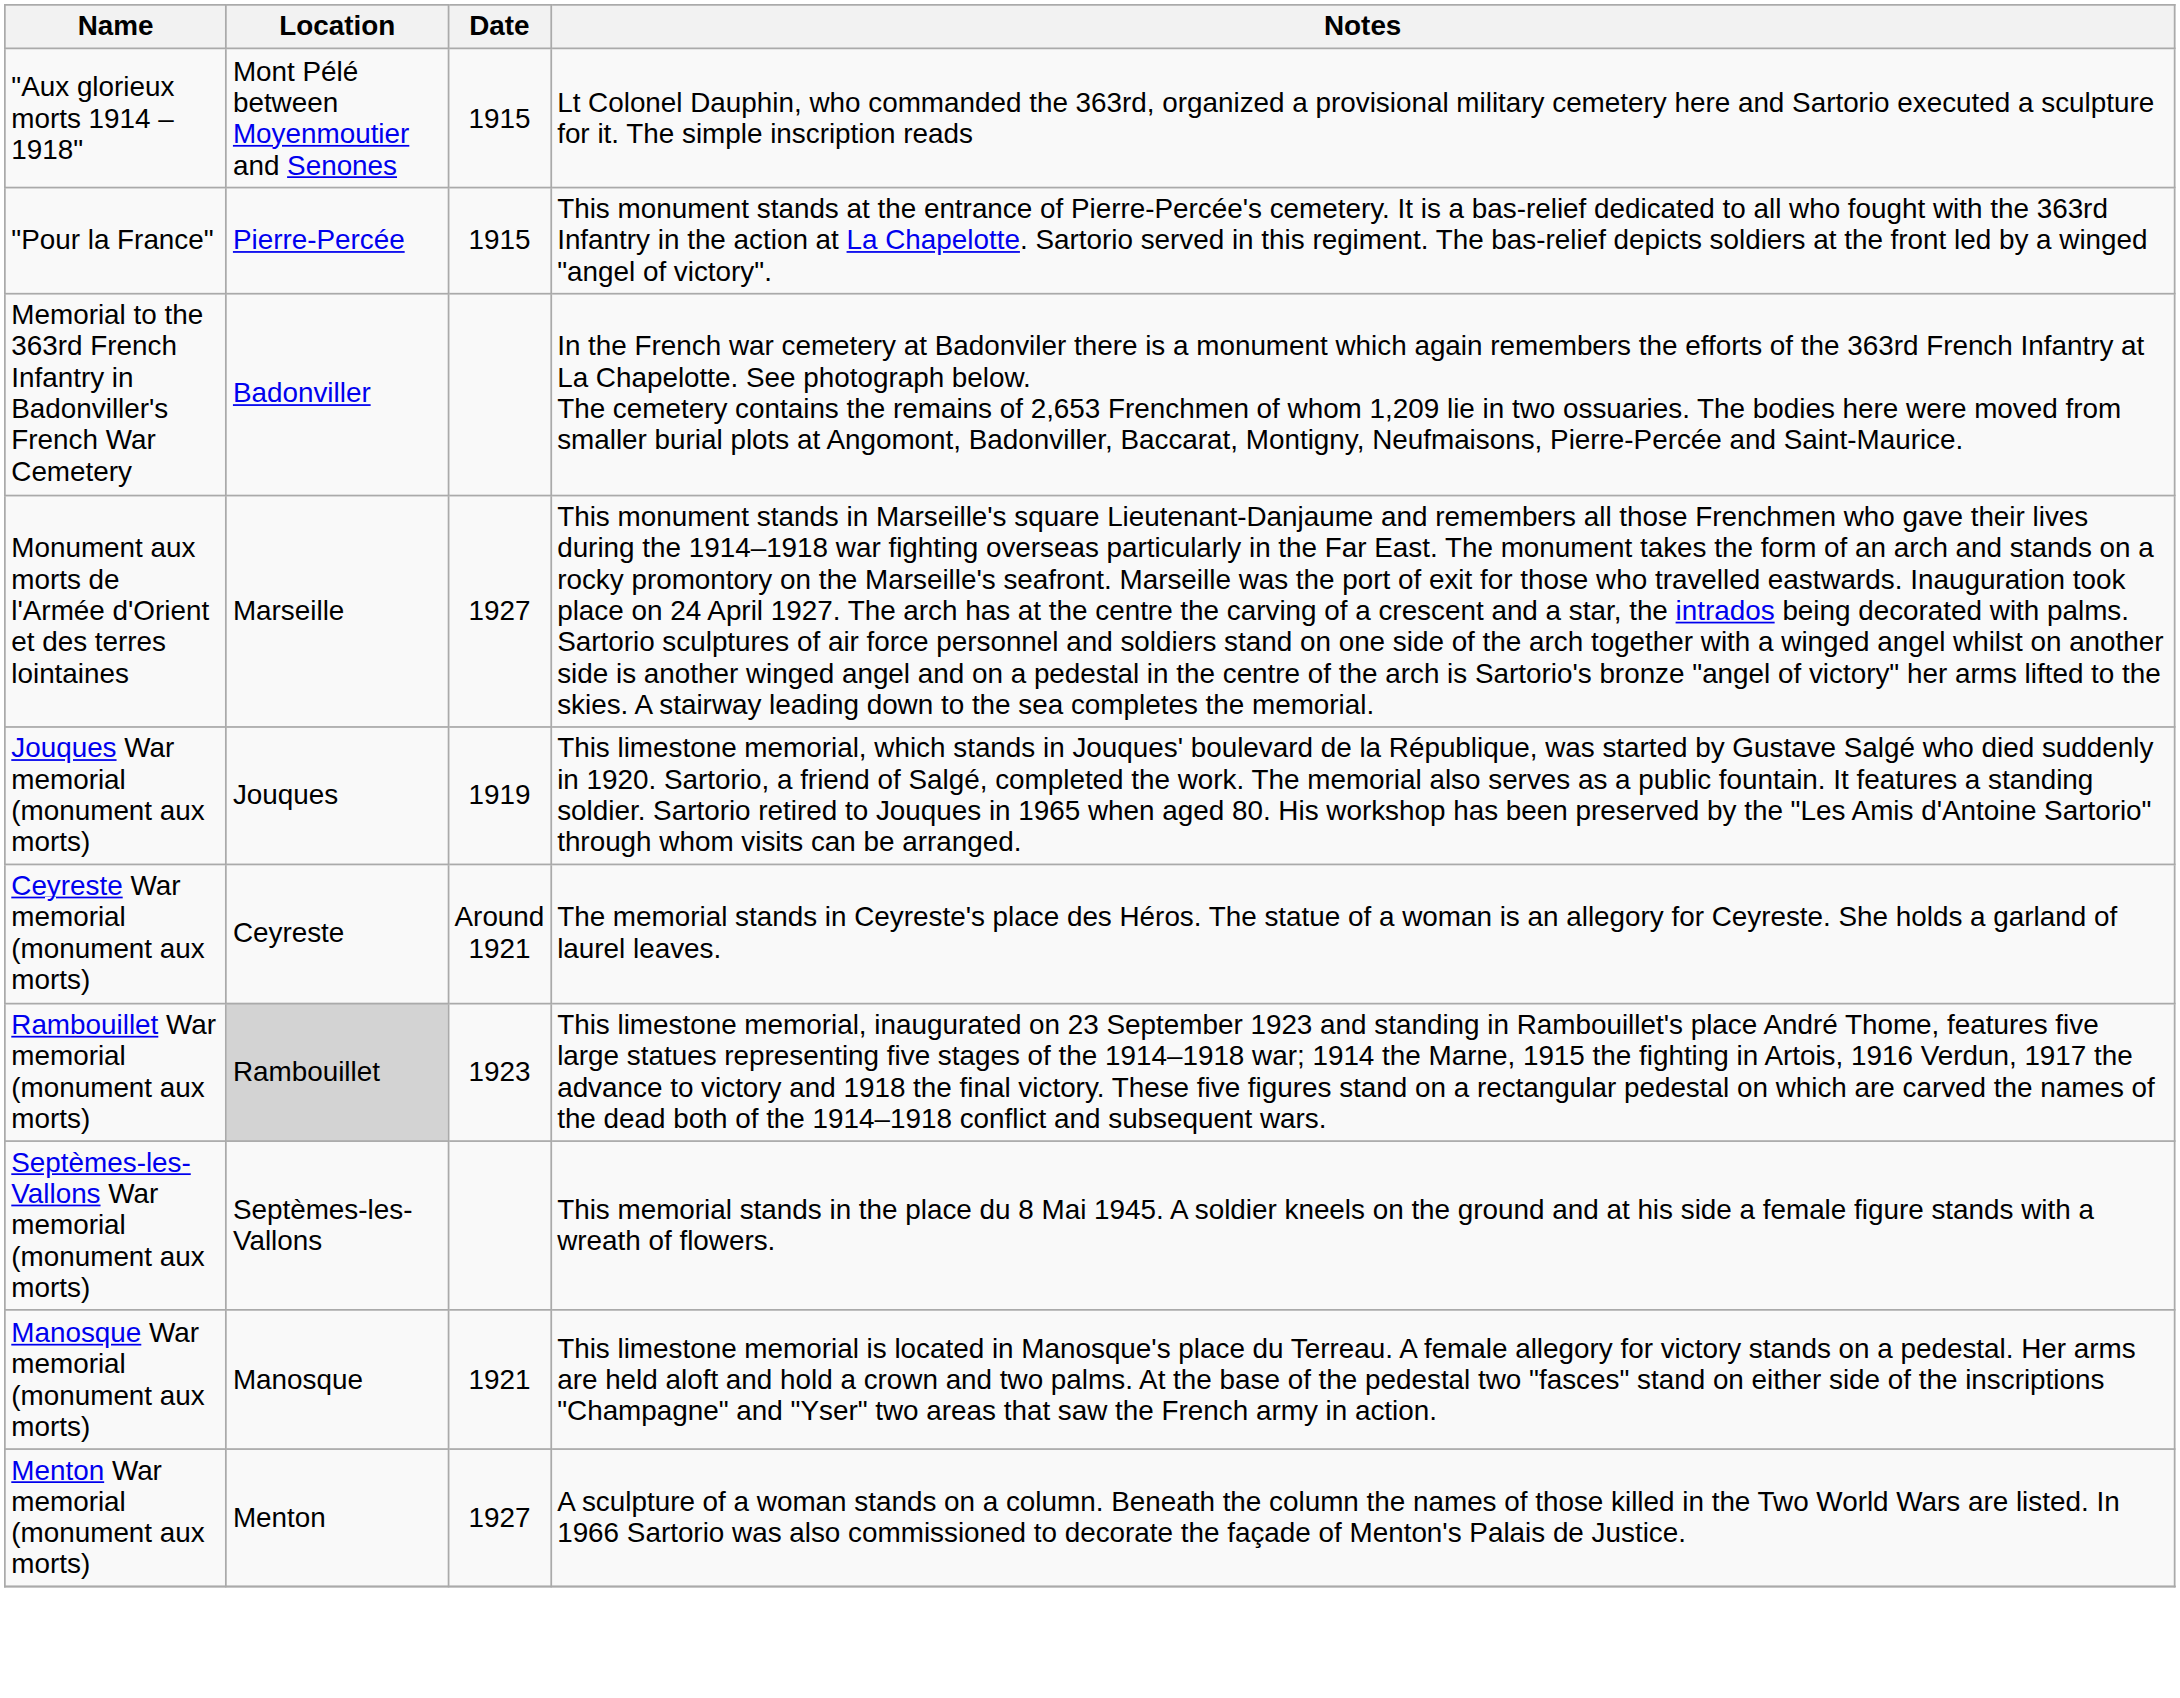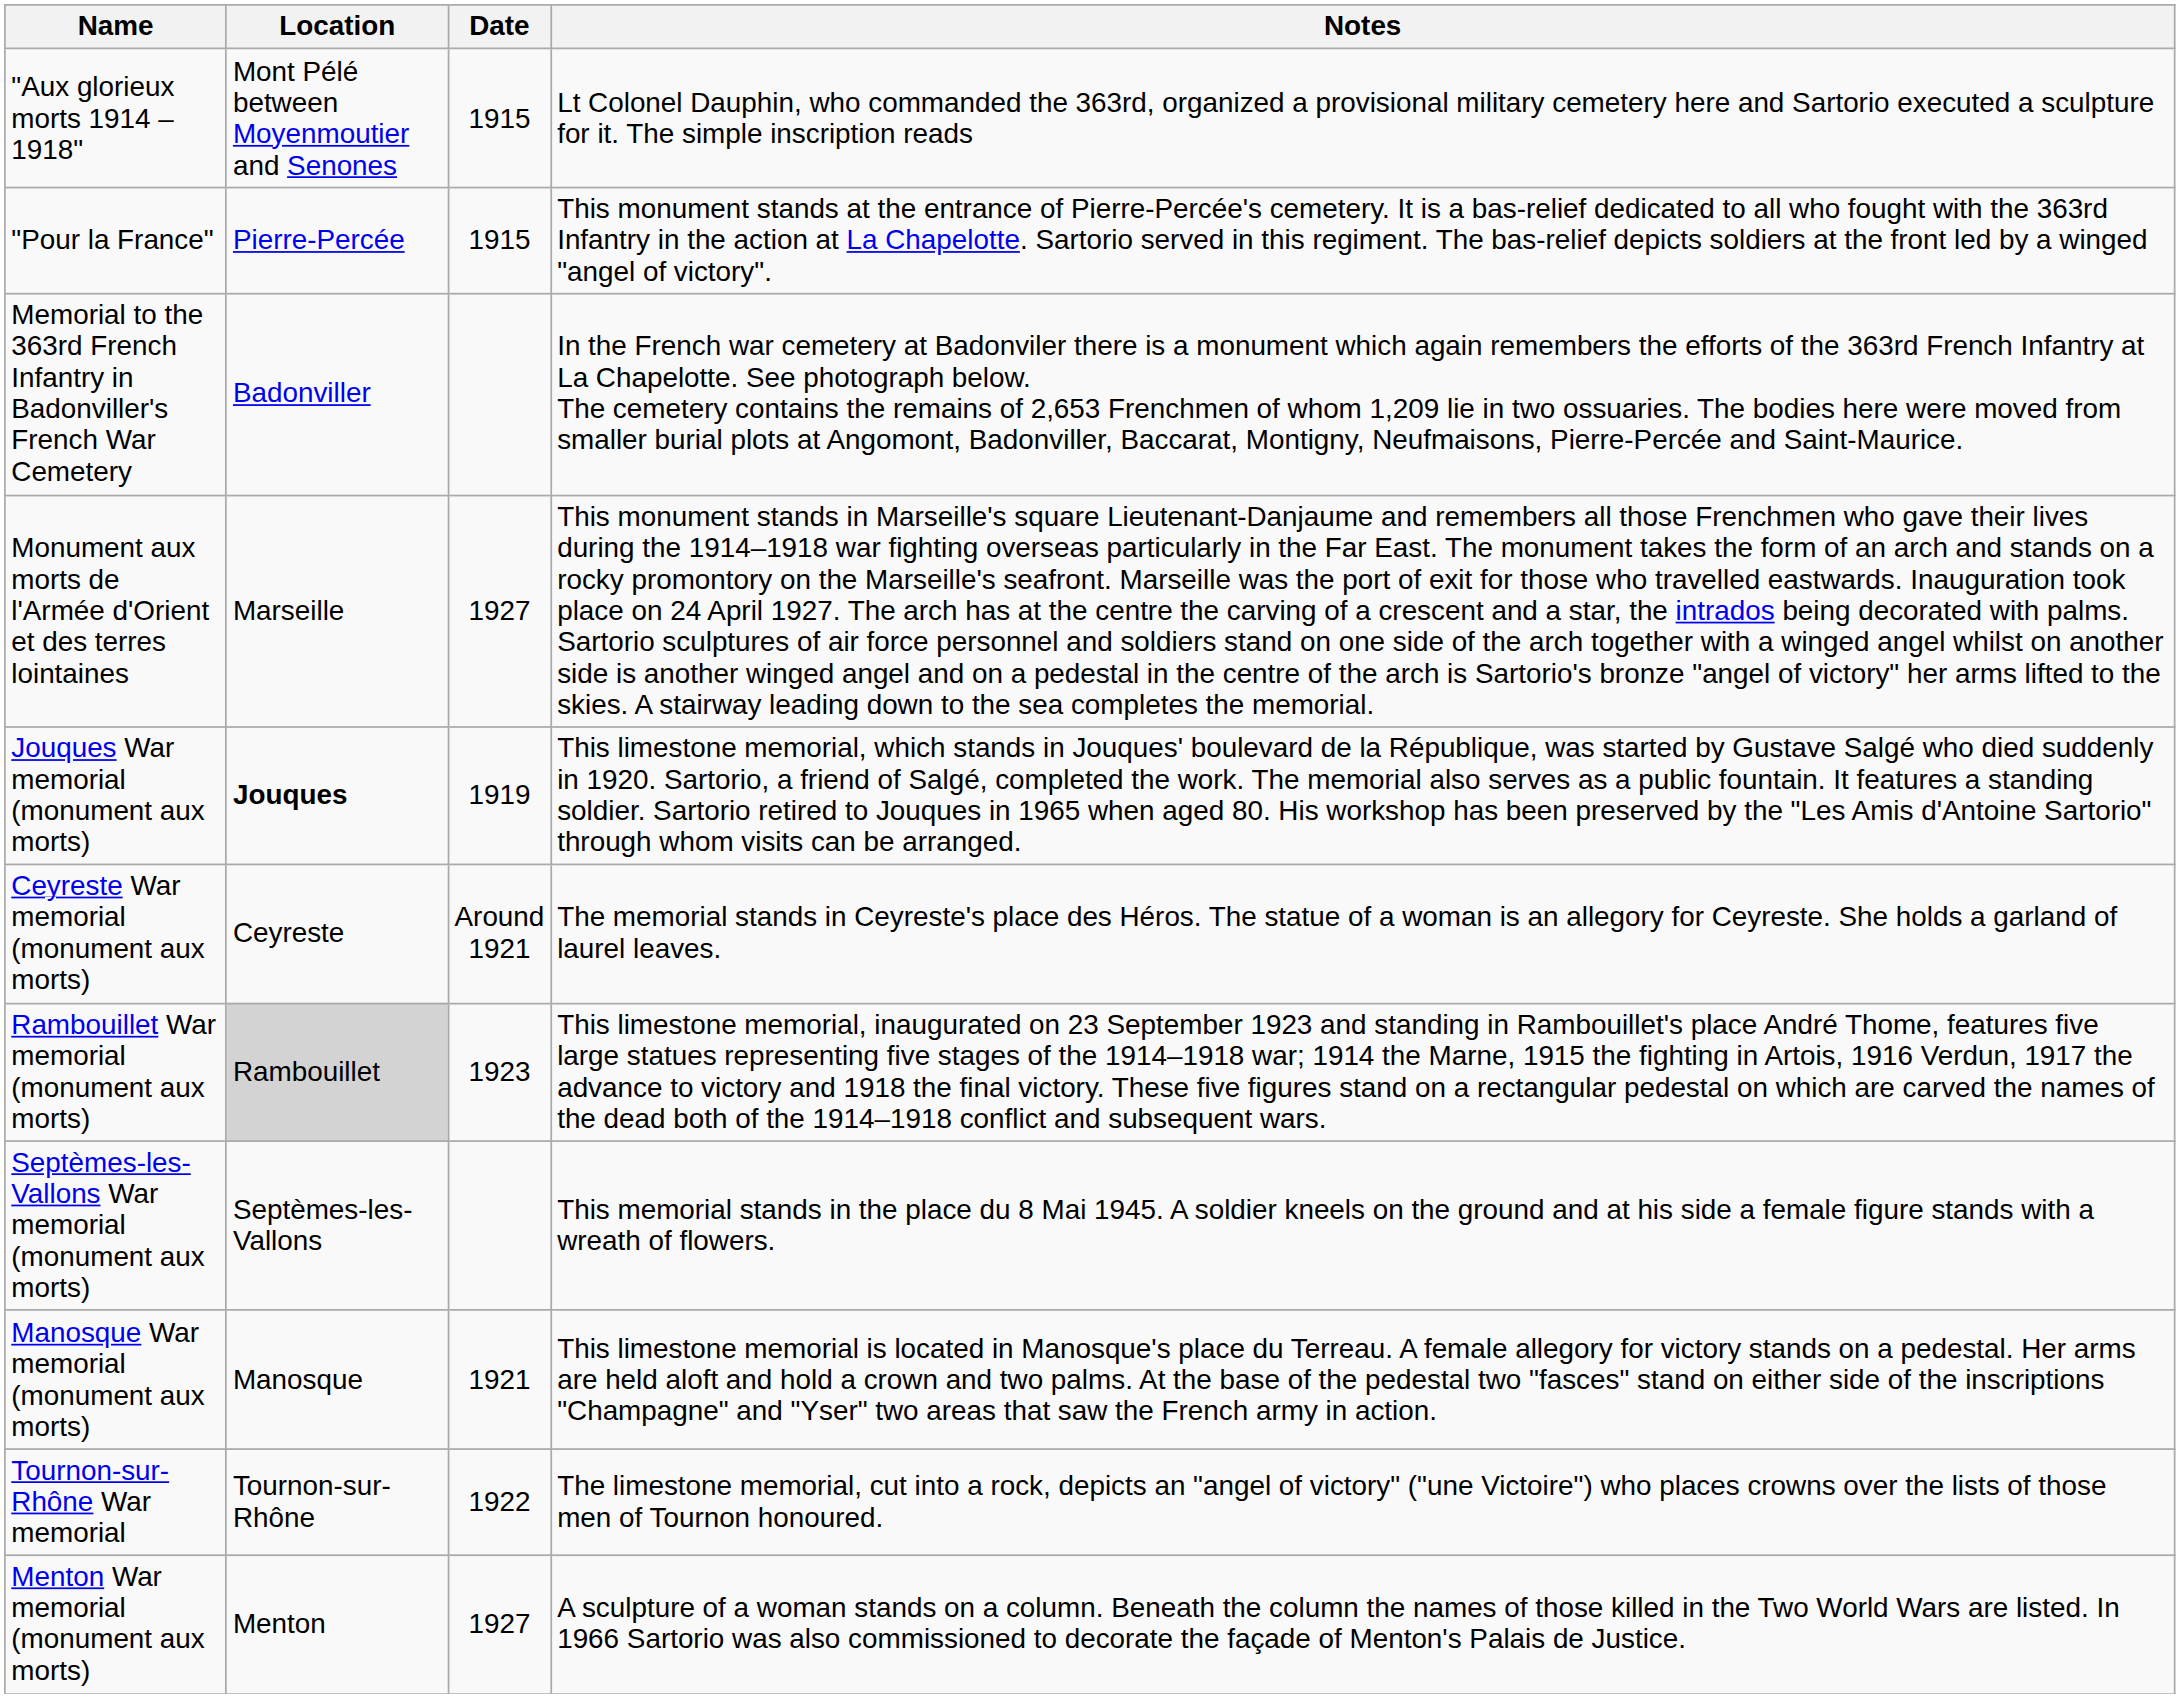 <table class="wikitable sortable plainrowheaders">
 <tr>
 <th style="width:120px">Name</th>
 <th style="width:120px">Location</th>
 <th style="width:50px">Date</th>
 <th class="unsortable">Notes</th>
 </tr>
 <tr>
 <td>"Aux glorieux morts 1914 – 1918"</td>
 <td>Mont Pélé between <a href='#'>Moyenmoutier</a> and <a href='#'>Senones</a></td>
 <td align="center">1915</td>
 <td>Lt Colonel Dauphin, who commanded the 363rd, organized a provisional military cemetery here and Sartorio executed a sculpture for it. The simple inscription reads <br></td>
 </tr>
 <tr>
 <td>"Pour la France"</td>
 <td><a href='#'>Pierre-Percée</a></td>
 <td align="center">1915</td>
 <td>This monument stands at the entrance of Pierre-Percée's cemetery. It is a bas-relief dedicated to all who fought with the 363rd Infantry in the action at <a href='#'>La Chapelotte</a>. Sartorio served in this regiment. The bas-relief depicts soldiers at the front led by a winged "angel of victory".<br></td>
 </tr>
 <tr>
 <td>Memorial to the 363rd French Infantry in Badonviller's French War Cemetery</td>
 <td><a href='#'>Badonviller</a></td>
 <td align="center"></td>
 <td>In the French war cemetery at Badonviler there is a monument which again remembers the efforts of the 363rd French Infantry at La Chapelotte. See photograph below.<br> The cemetery contains the remains of 2,653 Frenchmen of whom 1,209 lie in two ossuaries.  The bodies here were moved from smaller burial plots at Angomont, Badonviller, Baccarat, Montigny, Neufmaisons, Pierre-Percée and Saint-Maurice.</td>
 </tr>
 <tr>
 <td>Monument aux morts de l'Armée d'Orient et des terres lointaines</td>
 <td>Marseille</td>
 <td align="center">1927</td>
 <td>This monument stands in Marseille's square Lieutenant-Danjaume and remembers all those Frenchmen who gave their lives during the 1914–1918 war fighting overseas particularly in the Far East. The monument takes the form of an arch and stands on a rocky promontory on the Marseille's seafront. Marseille was the port of exit for those who travelled eastwards. Inauguration took place on 24 April 1927. The arch has at the centre the carving of a crescent and a star, the <a href='#'>intrados</a> being decorated with palms. Sartorio sculptures of air force personnel and soldiers stand on one side of the arch together with a winged angel whilst on another side is another winged angel and on a pedestal in the centre of the arch is Sartorio's bronze "angel of victory" her arms lifted to the skies. A stairway leading down to the sea completes the memorial.<br></td>
 </tr>
 <tr>
 <td><a href='#'>Jouques</a> War memorial (monument aux morts)</td>
-<td>Jouques</td>
+<td><strong>Jouques</strong></td>
 <td align="center">1919</td>
 <td>This limestone memorial, which stands in Jouques' boulevard de la République, was started by Gustave Salgé who died suddenly in 1920. Sartorio, a friend of Salgé, completed the work. The memorial also serves as a public fountain. It features a standing soldier.  Sartorio retired to Jouques in 1965 when aged 80.  His workshop has been preserved by the "Les Amis d'Antoine Sartorio" through whom visits can be arranged.<br> </td>
 </tr>
 <tr>
 <td><a href='#'>Ceyreste</a> War memorial (monument aux morts)</td>
 <td>Ceyreste</td>
 <td align="center">Around 1921</td>
 <td>The memorial stands in Ceyreste's place des Héros. The statue of a woman is an allegory for Ceyreste. She holds a garland of laurel leaves.<br></td>
 </tr>
 <tr>
 <td><a href='#'>Rambouillet</a> War memorial (monument aux morts)</td>
 <td style="background: lightgrey;">Rambouillet</td>
 <td align="center">1923</td>
 <td>This limestone memorial, inaugurated on 23 September 1923 and standing in Rambouillet's place André Thome, features five large statues representing five stages of the 1914–1918 war; 1914 the Marne, 1915 the fighting in Artois, 1916 Verdun, 1917 the advance to victory and 1918 the final victory. These five figures stand on a rectangular pedestal on which are carved the names of the dead both of the 1914–1918 conflict and subsequent wars.<br></td>
 </tr>
 <tr>
 <td><a href='#'>Septèmes-les-Vallons</a> War memorial (monument aux morts)</td>
 <td>Septèmes-les-Vallons</td>
 <td align="center"></td>
 <td>This memorial stands in the place du 8 Mai 1945. A soldier kneels on the ground and at his side a female figure stands with a wreath of flowers.<br></td>
 </tr>
 <tr>
 <td><a href='#'>Manosque</a> War memorial (monument aux morts)</td>
 <td>Manosque</td>
 <td align="center">1921</td>
 <td>This limestone memorial is located in Manosque's place du Terreau. A female allegory for victory stands on a pedestal. Her arms are held aloft and hold a crown and two palms. At the base of the pedestal two "fasces" stand on either side of the inscriptions  "Champagne" and "Yser" two areas that saw the French army in action.<br></td>
 </tr>
 <tr>
+<td><a href='#'>Tournon-sur-Rhône</a> War memorial</td>
+<td>Tournon-sur-Rhône</td>
+<td align="center">1922</td>
+<td>The limestone memorial, cut into a rock, depicts an "angel of victory" ("une Victoire") who places crowns over the lists of those men of Tournon honoured.<br></td>
+</tr>
+<tr>
 <td><a href='#'>Menton</a> War memorial (monument aux morts)</td>
 <td>Menton</td>
 <td align="center">1927</td>
 <td>A sculpture of a woman stands on a column. Beneath the column the names of those killed in the Two World Wars are listed.  In 1966 Sartorio was also commissioned to decorate the façade of Menton's Palais de Justice.<br></td>
 </tr>
 <tr>
 </tr>
 </table>
